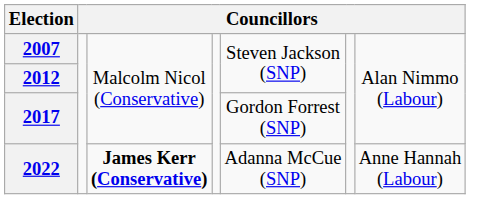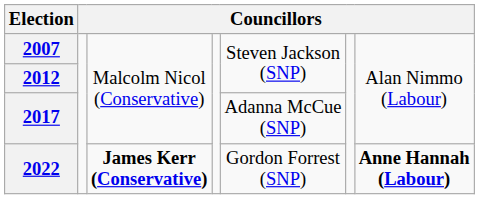 <table class="wikitable" style="text-align:center">
 <tr>
 <th>Election</th>
 <th colspan=8>Councillors</th>
 </tr>
 <tr>
 <th><a href='#'>2007</a></th>
 <td rowspan=4; style="background-color: "></td>
 <td rowspan=3>Malcolm Nicol<br>(<a href='#'>Conservative</a>)</td>
 <td rowspan=4; style="background-color: "></td>
 <td rowspan=2>Steven Jackson<br>(<a href='#'>SNP</a>)</td>
 <td rowspan=4; style="background-color: "></td>
 <td rowspan=3>Alan Nimmo<br>(<a href='#'>Labour</a>)</td>
 </tr>
 <tr>
 <th><a href='#'>2012</a></th>
 </tr>
 <tr>
 <th><a href='#'>2017</a></th>
-<td rowspan=1>Gordon Forrest<br>(<a href='#'>SNP</a>)</td>
+<td rowspan=1>Adanna McCue<br>(<a href='#'>SNP</a>)</td>
 </tr>
 <tr>
 <th><a href='#'>2022</a></th>
 <td rowspan=1><strong>James Kerr<br>(<a href='#'>Conservative</a>)</strong></td>
-<td rowspan=1>Adanna McCue<br>(<a href='#'>SNP</a>)</td>
-<td rowspan=1>Anne Hannah<br>(<a href='#'>Labour</a>)</td>
+<td rowspan=1>Gordon Forrest<br>(<a href='#'>SNP</a>)</td>
+<td rowspan=1><strong>Anne Hannah<br>(<a href='#'>Labour</a>)</strong></td>
 </tr>
 </table>
